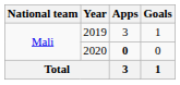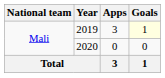 <table class="wikitable" style="text-align:center">
 <tr>
 <th>National team</th>
 <th>Year</th>
 <th>Apps</th>
 <th>Goals</th>
 </tr>
 <tr>
 <td rowspan="2"><a href='#'>Mali</a></td>
 <td>2019</td>
 <td>3</td>
-<td>1</td>
+<td style="background: lightyellow;">1</td>
 </tr>
 <tr>
 <td>2020</td>
-<td><strong>0</strong></td>
+<td>0</td>
 <td>0</td>
 </tr>
 <tr>
 <th colspan=2>Total</th>
 <th>3</th>
 <th>1</th>
 </tr>
 </table>
